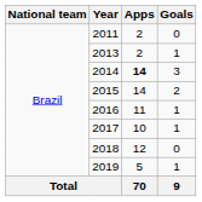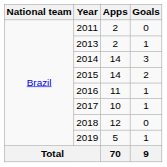 <table class=wikitable style=text-align:center>
 <tr>
 <th>National team</th>
 <th>Year</th>
 <th>Apps</th>
 <th>Goals</th>
 </tr>
 <tr>
 <td rowspan=8><a href='#'>Brazil</a></td>
 <td>2011</td>
 <td>2</td>
 <td>0</td>
 </tr>
 <tr>
 <td>2013</td>
 <td>2</td>
 <td>1</td>
 </tr>
 <tr>
 <td>2014</td>
-<td><strong>14</strong></td>
+<td>14</td>
 <td>3</td>
 </tr>
 <tr>
 <td>2015</td>
 <td>14</td>
 <td>2</td>
 </tr>
 <tr>
 <td>2016</td>
 <td>11</td>
 <td>1</td>
 </tr>
 <tr>
 <td>2017</td>
 <td>10</td>
 <td>1</td>
 </tr>
 <tr>
 <td>2018</td>
 <td>12</td>
 <td>0</td>
 </tr>
 <tr>
 <td>2019</td>
 <td>5</td>
 <td>1</td>
 </tr>
 <tr>
 <th colspan=2>Total</th>
 <th>70</th>
 <th>9</th>
 </tr>
 </table>
